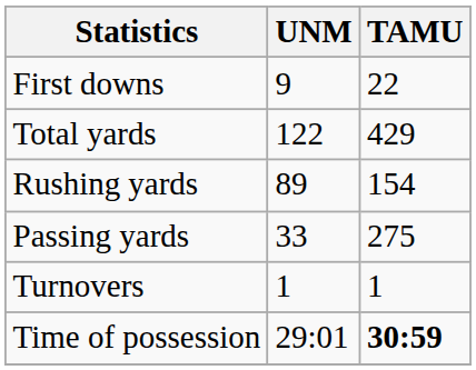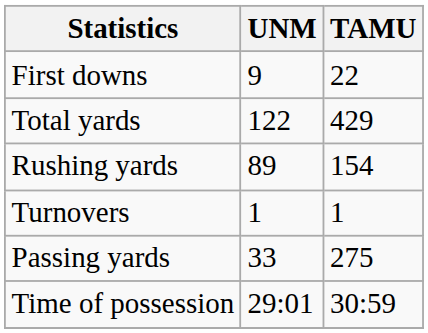 <table class="wikitable" style="float: left;">
 <tr>
 <th>Statistics</th>
 <th>UNM</th>
 <th>TAMU</th>
 </tr>
 <tr>
 <td>First downs</td>
 <td>9</td>
 <td>22</td>
 </tr>
 <tr>
 <td>Total yards</td>
 <td>122</td>
 <td>429</td>
 </tr>
 <tr>
 <td>Rushing yards</td>
 <td>89</td>
 <td>154</td>
 </tr>
 <tr>
+<td>Turnovers</td>
+<td>1</td>
+<td>1</td>
+</tr>
+<tr>
 <td>Passing yards</td>
 <td>33</td>
 <td>275</td>
 </tr>
 <tr>
-<td>Turnovers</td>
-<td>1</td>
-<td>1</td>
-</tr>
-<tr>
 <td>Time of possession</td>
 <td>29:01</td>
-<td><strong>30:59</strong></td>
+<td>30:59</td>
 </tr>
 <tr>
 </tr>
 </table>
